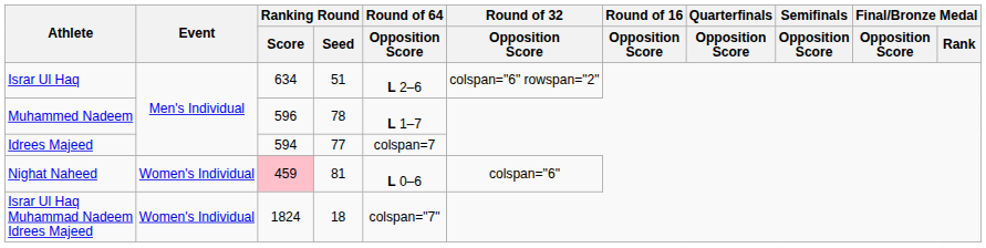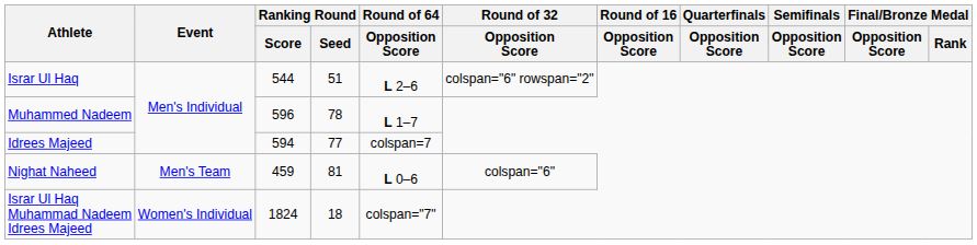 <table class=wikitable style="text-align:center; font-size:90%">
 <tr>
 <th rowspan="2">Athlete</th>
 <th rowspan="2">Event</th>
 <th colspan="2">Ranking Round</th>
 <th>Round of 64</th>
 <th>Round of 32</th>
 <th>Round of 16</th>
 <th>Quarterfinals</th>
 <th>Semifinals</th>
 <th colspan="2">Final/Bronze Medal</th>
 </tr>
 <tr>
 <th>Score</th>
 <th>Seed</th>
 <th>Opposition<br>Score</th>
 <th>Opposition<br>Score</th>
 <th>Opposition<br>Score</th>
 <th>Opposition<br>Score</th>
 <th>Opposition<br>Score</th>
 <th>Opposition<br>Score</th>
 <th>Rank</th>
 </tr>
 <tr>
 <td style="text-align:left"><a href='#'>Israr Ul Haq</a></td>
 <td rowspan="3"><a href='#'>Men's Individual</a></td>
-<td>634</td>
+<td>544</td>
 <td>51</td>
 <td><br><strong>L</strong> 2–6</td>
 <td>colspan="6" rowspan="2" </td>
 </tr>
 <tr>
 <td style="text-align:left"><a href='#'>Muhammed Nadeem</a></td>
 <td>596</td>
 <td>78</td>
 <td><br><strong>L</strong> 1–7</td>
 </tr>
 <tr>
 <td style="text-align:left"><a href='#'>Idrees Majeed</a></td>
 <td>594</td>
 <td>77</td>
 <td>colspan=7</td>
 </tr>
 <tr>
 <td style="text-align:left"><a href='#'>Nighat Naheed</a></td>
-<td><a href='#'>Women's Individual</a></td>
-<td style="background: pink;">459</td>
+<td><a href='#'>Men's Team</a></td>
+<td>459</td>
 <td>81</td>
 <td><br> <strong>L</strong> 0–6</td>
 <td>colspan="6" </td>
 </tr>
 <tr>
 <td style="text-align:left"><a href='#'>Israr Ul Haq</a> <br><a href='#'>Muhammad Nadeem</a> <br><a href='#'>Idrees Majeed</a></td>
 <td><a href='#'>Women's Individual</a></td>
 <td>1824</td>
 <td>18</td>
 <td>colspan="7"</td>
 </tr>
 </table>
